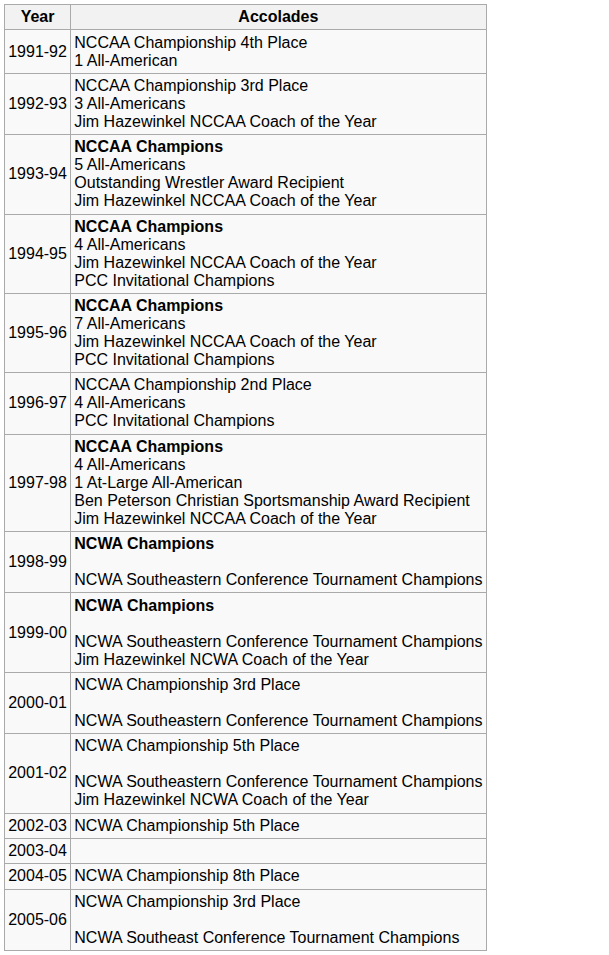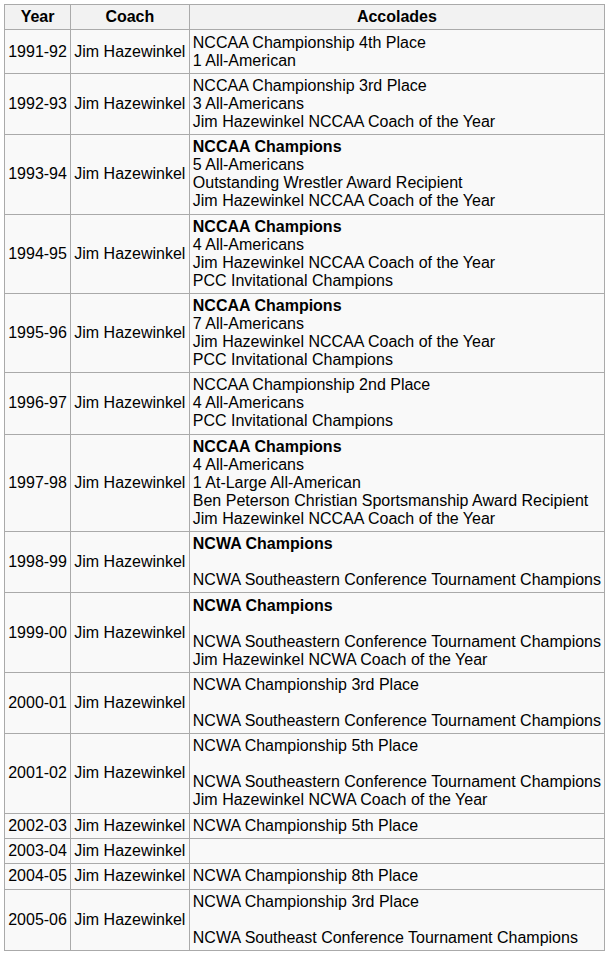 <table class="wikitable">
 <tr>
 <th>Year</th>
+<th>Coach</th>
 <th>Accolades</th>
 </tr>
 <tr>
 <td>1991-92</td>
+<td>Jim Hazewinkel</td>
 <td>NCCAA Championship 4th Place<br>1 All-American</td>
 </tr>
 <tr>
 <td>1992-93</td>
+<td>Jim Hazewinkel</td>
 <td>NCCAA Championship 3rd Place<br>3 All-Americans <br> Jim Hazewinkel NCCAA Coach of the Year</td>
 </tr>
 <tr>
 <td>1993-94</td>
+<td>Jim Hazewinkel</td>
 <td><strong>NCCAA Champions</strong><br>5 All-Americans <br>  Outstanding Wrestler Award Recipient <br>  Jim Hazewinkel NCCAA Coach of the Year <br></td>
 </tr>
 <tr>
 <td>1994-95</td>
+<td>Jim Hazewinkel</td>
 <td><strong>NCCAA Champions</strong><br>4 All-Americans <br>  Jim Hazewinkel NCCAA Coach of the Year <br>  PCC Invitational Champions</td>
 </tr>
 <tr>
 <td>1995-96</td>
+<td>Jim Hazewinkel</td>
 <td><strong>NCCAA Champions</strong><br>7 All-Americans <br> Jim Hazewinkel NCCAA Coach of the Year <br> PCC Invitational Champions</td>
 </tr>
 <tr>
 <td>1996-97</td>
+<td>Jim Hazewinkel</td>
 <td>NCCAA Championship 2nd Place<br>4 All-Americans <br> PCC Invitational Champions</td>
 </tr>
 <tr>
 <td>1997-98</td>
+<td>Jim Hazewinkel</td>
 <td><strong>NCCAA Champions</strong><br>4 All-Americans <br>  1 At-Large All-American <br>  Ben Peterson Christian Sportsmanship Award Recipient <br>  Jim Hazewinkel NCCAA Coach of the Year</td>
 </tr>
 <tr>
 <td>1998-99</td>
+<td>Jim Hazewinkel</td>
 <td><strong>NCWA Champions</strong> <br><br>NCWA Southeastern Conference Tournament Champions</td>
 </tr>
 <tr>
 <td>1999-00</td>
+<td>Jim Hazewinkel</td>
 <td><strong>NCWA Champions</strong> <br><br>NCWA Southeastern Conference Tournament Champions <br> Jim Hazewinkel NCWA Coach of the Year</td>
 </tr>
 <tr>
 <td>2000-01</td>
+<td>Jim Hazewinkel</td>
 <td>NCWA Championship 3rd Place <br><br>NCWA Southeastern Conference Tournament Champions</td>
 </tr>
 <tr>
 <td>2001-02</td>
+<td>Jim Hazewinkel</td>
 <td>NCWA Championship 5th Place <br><br>NCWA Southeastern Conference Tournament Champions <br> Jim Hazewinkel NCWA Coach of the Year</td>
 </tr>
 <tr>
 <td>2002-03</td>
+<td>Jim Hazewinkel</td>
 <td>NCWA Championship 5th Place</td>
 </tr>
 <tr>
 <td>2003-04</td>
+<td>Jim Hazewinkel</td>
 <td></td>
 </tr>
 <tr>
 <td>2004-05</td>
+<td>Jim Hazewinkel</td>
 <td>NCWA Championship 8th Place</td>
 </tr>
 <tr>
 <td>2005-06</td>
+<td>Jim Hazewinkel</td>
 <td>NCWA Championship 3rd Place <br><br>NCWA Southeast Conference Tournament Champions</td>
 </tr>
 </table>
